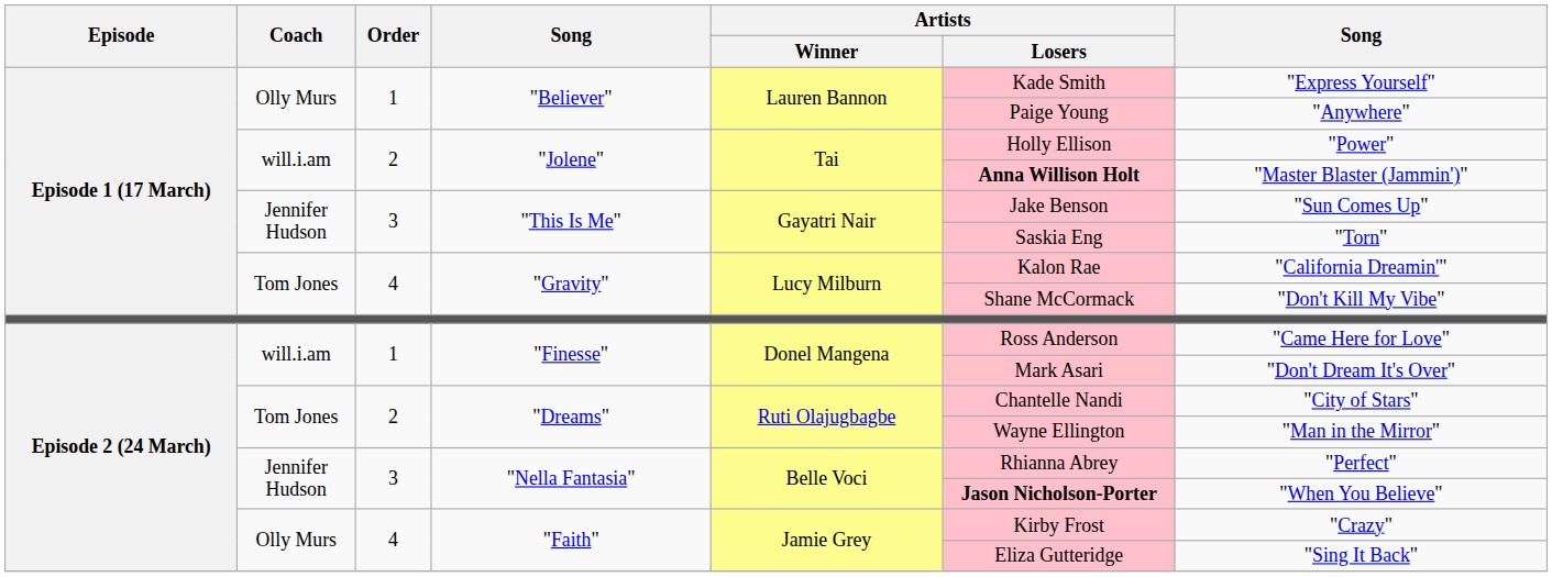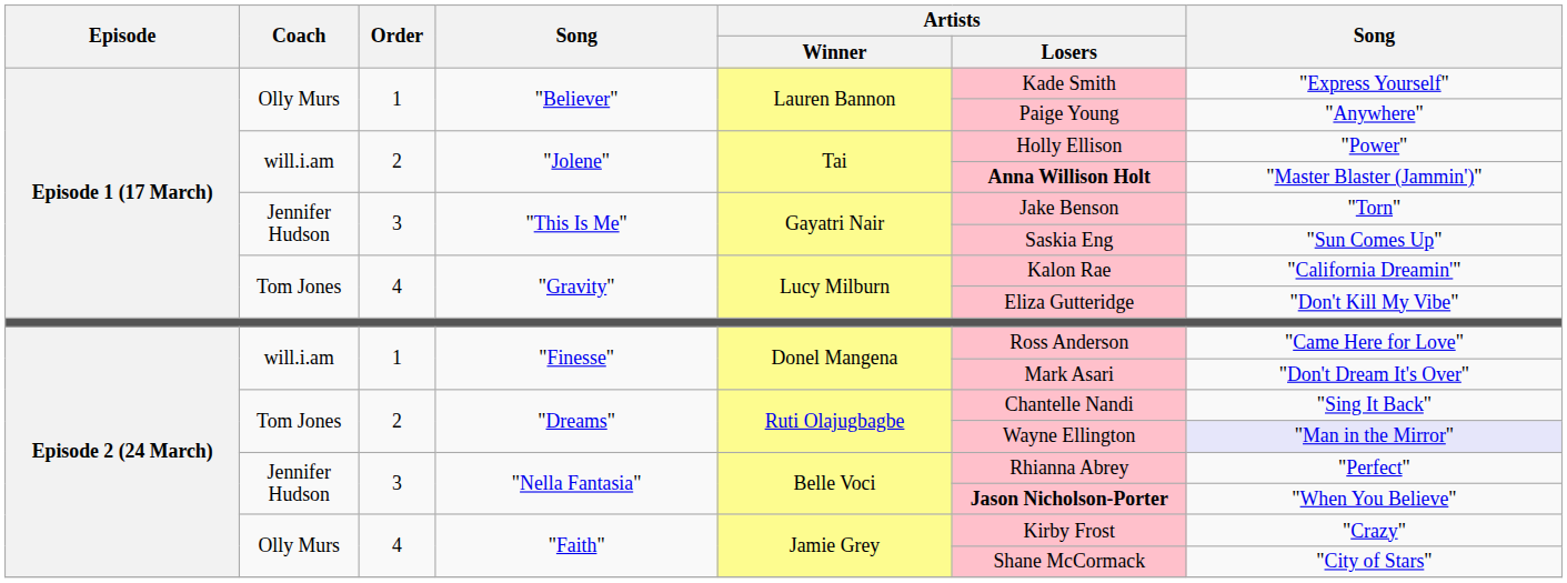 <table class="wikitable" style="text-align:center; width:100%;">
 <tr>
 <th rowspan="2" style="width:10%;">Episode</th>
 <th rowspan="2" style="width:5%;">Coach</th>
 <th rowspan="2" style="width:02%;">Order</th>
 <th rowspan="2" style="width:12%;">Song</th>
 <th colspan="2" style="width:15%;">Artists</th>
 <th rowspan="2" style="width:16%;">Song</th>
 </tr>
 <tr>
 <th style="width:10%;">Winner</th>
 <th style="width:10%;">Losers</th>
 </tr>
 <tr>
 <th rowspan="8">Episode 1 (17 March)</th>
 <td rowspan="2">Olly Murs</td>
 <td rowspan="2">1</td>
 <td rowspan="2">"<a href='#'>Believer</a>"</td>
 <td rowspan="2" style="background:#fdfc8f;">Lauren Bannon</td>
 <td style="background:pink;">Kade Smith</td>
 <td>"<a href='#'>Express Yourself</a>"</td>
 </tr>
 <tr>
 <td style="background:pink;">Paige Young</td>
 <td>"<a href='#'>Anywhere</a>"</td>
 </tr>
 <tr>
 <td rowspan="2">will.i.am</td>
 <td rowspan="2">2</td>
 <td rowspan="2">"<a href='#'>Jolene</a>"</td>
 <td rowspan="2" style="background:#fdfc8f;">Tai</td>
 <td style="background:pink;">Holly Ellison</td>
 <td>"<a href='#'>Power</a>"</td>
 </tr>
 <tr>
 <td style="background:pink;"><strong>Anna Willison Holt</strong></td>
 <td>"<a href='#'>Master Blaster (Jammin')</a>"</td>
 </tr>
 <tr>
 <td rowspan="2">Jennifer Hudson</td>
 <td rowspan="2">3</td>
 <td rowspan="2">"<a href='#'>This Is Me</a>"</td>
 <td rowspan="2" style="background:#fdfc8f;">Gayatri Nair</td>
 <td style="background:pink;">Jake Benson</td>
-<td>"<a href='#'>Sun Comes Up</a>"</td>
+<td>"<a href='#'>Torn</a>"</td>
 </tr>
 <tr>
 <td style="background:pink;">Saskia Eng</td>
-<td>"<a href='#'>Torn</a>"</td>
+<td>"<a href='#'>Sun Comes Up</a>"</td>
 </tr>
 <tr>
 <td rowspan="2">Tom Jones</td>
 <td rowspan="2">4</td>
 <td rowspan="2">"<a href='#'>Gravity</a>"</td>
 <td rowspan="2" style="background:#fdfc8f;">Lucy Milburn</td>
 <td style="background:pink;">Kalon Rae</td>
 <td>"<a href='#'>California Dreamin'</a>"</td>
 </tr>
 <tr>
-<td style="background:pink;">Shane McCormack</td>
+<td style="background:pink;">Eliza Gutteridge</td>
 <td>"<a href='#'>Don't Kill My Vibe</a>"</td>
 </tr>
 <tr>
 <td colspan="11" style="background:#555;"></td>
 </tr>
 <tr>
 <th rowspan="8">Episode 2 (24 March)</th>
 <td rowspan="2">will.i.am</td>
 <td rowspan="2">1</td>
 <td rowspan="2">"<a href='#'>Finesse</a>"</td>
 <td rowspan="2" style="background:#fdfc8f;">Donel Mangena</td>
 <td style="background:pink;">Ross Anderson</td>
 <td>"<a href='#'>Came Here for Love</a>"</td>
 </tr>
 <tr>
 <td style="background:pink;">Mark Asari</td>
 <td>"<a href='#'>Don't Dream It's Over</a>"</td>
 </tr>
 <tr>
 <td rowspan="2">Tom Jones</td>
 <td rowspan="2">2</td>
 <td rowspan="2">"<a href='#'>Dreams</a>"</td>
 <td rowspan="2" style="background:#fdfc8f;"><a href='#'>Ruti Olajugbagbe</a></td>
 <td style="background:pink;">Chantelle Nandi</td>
-<td>"<a href='#'>City of Stars</a>"</td>
+<td>"<a href='#'>Sing It Back</a>"</td>
 </tr>
 <tr>
 <td style="background:pink;">Wayne Ellington</td>
-<td>"<a href='#'>Man in the Mirror</a>"</td>
+<td style="background: lavender;">"<a href='#'>Man in the Mirror</a>"</td>
 </tr>
 <tr>
 <td rowspan="2">Jennifer Hudson</td>
 <td rowspan="2">3</td>
 <td rowspan="2">"<a href='#'>Nella Fantasia</a>"</td>
 <td rowspan="2" style="background:#fdfc8f;">Belle Voci</td>
 <td style="background:pink;">Rhianna Abrey</td>
 <td>"<a href='#'>Perfect</a>"</td>
 </tr>
 <tr>
 <td style="background:pink;"><strong>Jason Nicholson-Porter</strong></td>
 <td>"<a href='#'>When You Believe</a>"</td>
 </tr>
 <tr>
 <td rowspan="2">Olly Murs</td>
 <td rowspan="2">4</td>
 <td rowspan="2">"<a href='#'>Faith</a>"</td>
 <td rowspan="2" style="background:#fdfc8f;">Jamie Grey</td>
 <td style="background:pink;">Kirby Frost</td>
 <td>"<a href='#'>Crazy</a>"</td>
 </tr>
 <tr>
-<td style="background:pink;">Eliza Gutteridge</td>
-<td>"<a href='#'>Sing It Back</a>"</td>
+<td style="background:pink;">Shane McCormack</td>
+<td>"<a href='#'>City of Stars</a>"</td>
 </tr>
 <tr>
 </tr>
 </table>
